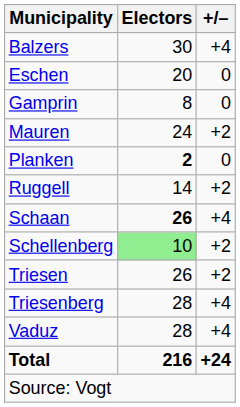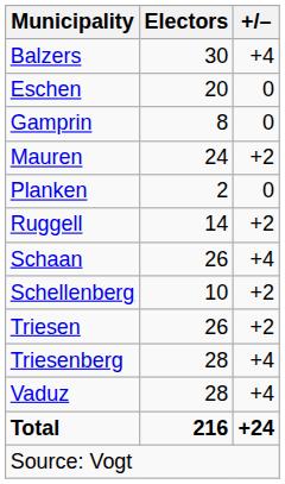 <table class="wikitable">
 <tr>
 <th>Municipality</th>
 <th>Electors</th>
 <th>+/–</th>
 </tr>
 <tr>
 <td><a href='#'>Balzers</a></td>
 <td style="text-align: right;">30</td>
 <td align="right">+4</td>
 </tr>
 <tr>
 <td><a href='#'>Eschen</a></td>
 <td style="text-align: right;">20</td>
 <td align="right">0</td>
 </tr>
 <tr>
 <td><a href='#'>Gamprin</a></td>
 <td style="text-align: right;">8</td>
 <td align="right">0</td>
 </tr>
 <tr>
 <td><a href='#'>Mauren</a></td>
 <td style="text-align: right;">24</td>
 <td align="right">+2</td>
 </tr>
 <tr>
 <td><a href='#'>Planken</a></td>
-<td style="text-align: right;"><strong>2</strong></td>
+<td style="text-align: right;">2</td>
 <td align="right">0</td>
 </tr>
 <tr>
 <td><a href='#'>Ruggell</a></td>
 <td style="text-align: right;">14</td>
 <td align="right">+2</td>
 </tr>
 <tr>
 <td><a href='#'>Schaan</a></td>
-<td style="text-align: right;"><strong>26</strong></td>
+<td style="text-align: right;">26</td>
 <td align="right">+4</td>
 </tr>
 <tr>
 <td><a href='#'>Schellenberg</a></td>
-<td style="background: lightgreen; text-align: right;">10</td>
+<td style="text-align: right;">10</td>
 <td align="right">+2</td>
 </tr>
 <tr>
 <td><a href='#'>Triesen</a></td>
 <td style="text-align: right;">26</td>
 <td align="right">+2</td>
 </tr>
 <tr>
 <td><a href='#'>Triesenberg</a></td>
 <td style="text-align: right;">28</td>
 <td align="right">+4</td>
 </tr>
 <tr>
 <td><a href='#'>Vaduz</a></td>
 <td style="text-align: right;">28</td>
 <td align="right">+4</td>
 </tr>
 <tr>
 <td><strong>Total</strong></td>
 <td align="right"><strong>216</strong></td>
 <td align="right"><strong>+24</strong></td>
 </tr>
 <tr>
 <td colspan="3">Source: Vogt</td>
 </tr>
 </table>
